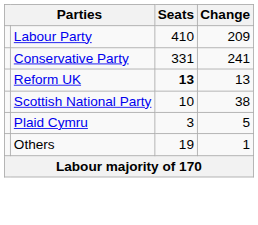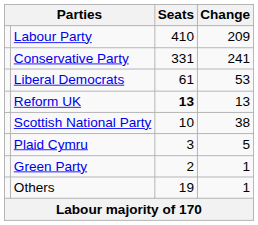 <table class="wikitable">
 <tr>
 <th colspan="2" style="vertical-align:top;">Parties</th>
 <th style="vertical-align:top;">Seats</th>
 <th style="vertical-align:top;">Change</th>
 </tr>
 <tr>
 <td style="color:inherit;background:"></td>
 <td><a href='#'>Labour Party</a></td>
 <td style="text-align:right;">410</td>
 <td style="text-align:right;"> 209</td>
 </tr>
 <tr>
 <td style="color:inherit;background:"></td>
 <td><a href='#'>Conservative Party</a></td>
 <td style="text-align:right;">331</td>
 <td style="text-align:right;"> 241</td>
+</tr>
+<tr>
+<td style="color:inherit;background:"></td>
+<td><a href='#'>Liberal Democrats</a></td>
+<td style="text-align:right;">61</td>
+<td style="text-align:right;"> 53</td>
 </tr>
 <tr>
 <td style="color:inherit;background:"></td>
 <td><a href='#'>Reform UK</a></td>
 <td style="text-align:right;"><strong>13</strong></td>
 <td style="text-align:right;"> 13</td>
 </tr>
 <tr>
 <td style="color:inherit;background:"></td>
 <td><a href='#'>Scottish National Party</a></td>
 <td style="text-align:right;">10</td>
 <td style="text-align:right;"> 38</td>
 </tr>
 <tr>
 <td style="color:inherit;background:"></td>
 <td><a href='#'>Plaid Cymru</a></td>
 <td style="text-align:right;">3</td>
 <td style="text-align:right;"> 5</td>
 </tr>
 <tr>
 <td style="color:inherit;background:"></td>
+<td><a href='#'>Green Party</a></td>
+<td style="text-align:right;">2</td>
+<td style="text-align:right;"> 1</td>
+</tr>
+<tr>
+<td style="color:inherit;background:"></td>
 <td>Others</td>
 <td style="text-align:right;">19</td>
 <td style="text-align:right;"> 1</td>
 </tr>
 <tr style="font-weight:bold;">
 <th colspan="4" style="text-align:center; background:"><strong>Labour majority of 170</strong></th>
 </tr>
 </table>
